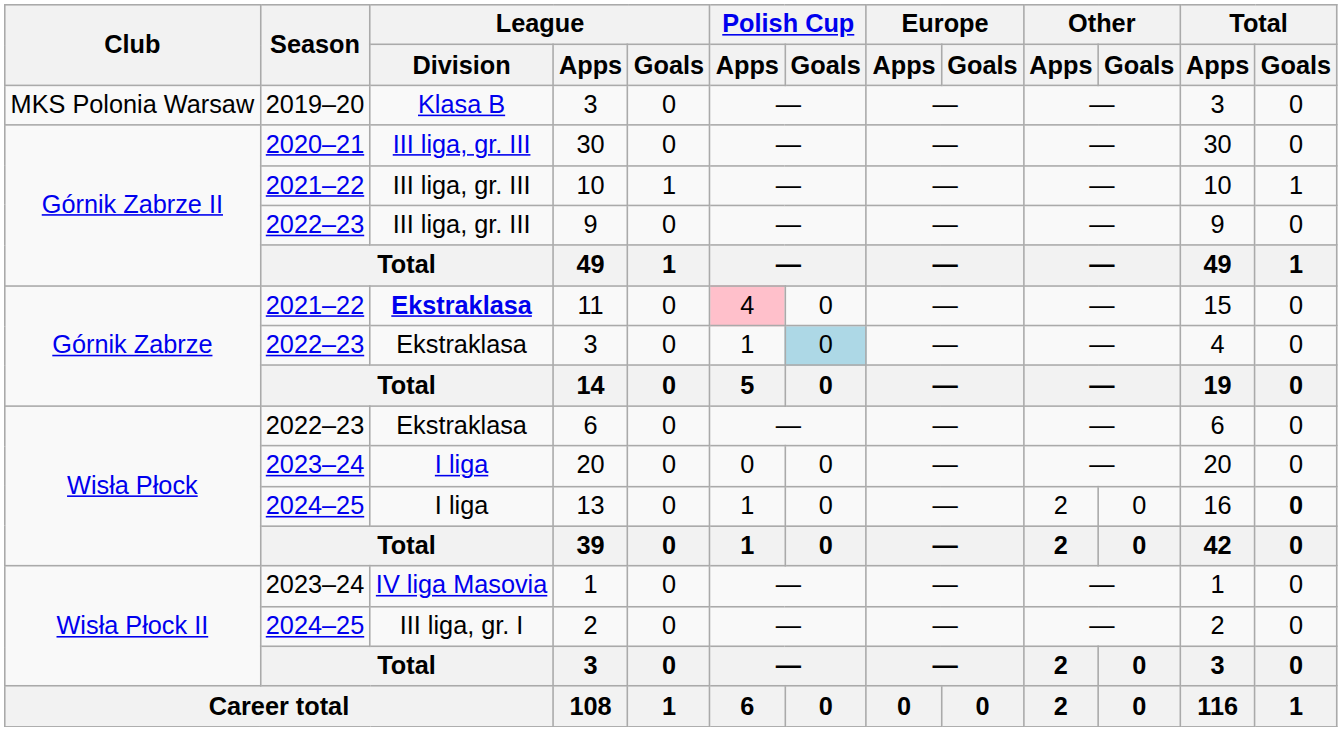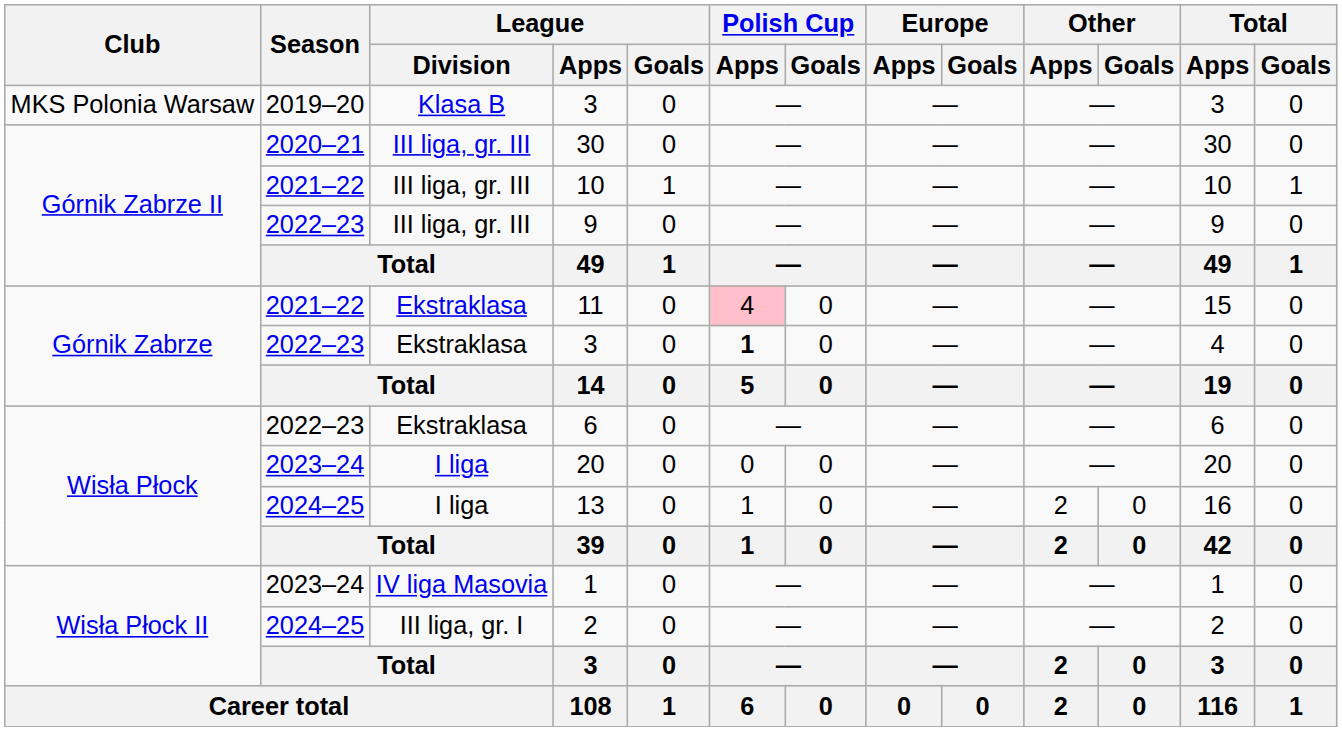 <table class="wikitable" style="text-align: center;">
 <tr>
 <th rowspan="2">Club</th>
 <th rowspan="2">Season</th>
 <th colspan="3">League</th>
 <th colspan="2"><a href='#'>Polish Cup</a></th>
 <th colspan="2">Europe</th>
 <th colspan="2">Other</th>
 <th colspan="2">Total</th>
 </tr>
 <tr>
 <th>Division</th>
 <th>Apps</th>
 <th>Goals</th>
 <th>Apps</th>
 <th>Goals</th>
 <th>Apps</th>
 <th>Goals</th>
 <th>Apps</th>
 <th>Goals</th>
 <th>Apps</th>
 <th>Goals</th>
 </tr>
 <tr>
 <td>MKS Polonia Warsaw</td>
 <td>2019–20</td>
 <td><a href='#'>Klasa B</a></td>
 <td>3</td>
 <td>0</td>
 <td colspan="2">—</td>
 <td colspan="2">—</td>
 <td colspan="2">—</td>
 <td>3</td>
 <td>0</td>
 </tr>
 <tr>
 <td rowspan="4"><a href='#'>Górnik Zabrze II</a></td>
 <td><a href='#'>2020–21</a></td>
 <td><a href='#'>III liga, gr. III</a></td>
 <td>30</td>
 <td>0</td>
 <td colspan="2">—</td>
 <td colspan="2">—</td>
 <td colspan="2">—</td>
 <td>30</td>
 <td>0</td>
 </tr>
 <tr>
 <td><a href='#'>2021–22</a></td>
 <td>III liga, gr. III</td>
 <td>10</td>
 <td>1</td>
 <td colspan="2">—</td>
 <td colspan="2">—</td>
 <td colspan="2">—</td>
 <td>10</td>
 <td>1</td>
 </tr>
 <tr>
 <td><a href='#'>2022–23</a></td>
 <td>III liga, gr. III</td>
 <td>9</td>
 <td>0</td>
 <td colspan="2">—</td>
 <td colspan="2">—</td>
 <td colspan="2">—</td>
 <td>9</td>
 <td>0</td>
 </tr>
 <tr>
 <th colspan="2">Total</th>
 <th>49</th>
 <th>1</th>
 <th colspan="2">—</th>
 <th colspan="2">—</th>
 <th colspan="2">—</th>
 <th>49</th>
 <th>1</th>
 </tr>
 <tr>
 <td rowspan="3"><a href='#'>Górnik Zabrze</a></td>
 <td><a href='#'>2021–22</a></td>
-<td><strong><a href='#'>Ekstraklasa</a></strong></td>
+<td><a href='#'>Ekstraklasa</a></td>
 <td>11</td>
 <td>0</td>
 <td style="background: pink;">4</td>
 <td>0</td>
 <td colspan="2">—</td>
 <td colspan="2">—</td>
 <td>15</td>
 <td>0</td>
 </tr>
 <tr>
 <td><a href='#'>2022–23</a></td>
 <td>Ekstraklasa</td>
 <td>3</td>
 <td>0</td>
-<td>1</td>
-<td style="background: lightblue;">0</td>
+<td><strong>1</strong></td>
+<td>0</td>
 <td colspan="2">—</td>
 <td colspan="2">—</td>
 <td>4</td>
 <td>0</td>
 </tr>
 <tr>
 <th colspan="2">Total</th>
 <th>14</th>
 <th>0</th>
 <th>5</th>
 <th>0</th>
 <th colspan="2">—</th>
 <th colspan="2">—</th>
 <th>19</th>
 <th>0</th>
 </tr>
 <tr>
 <td rowspan="4"><a href='#'>Wisła Płock</a></td>
 <td>2022–23</td>
 <td>Ekstraklasa</td>
 <td>6</td>
 <td>0</td>
 <td colspan="2">—</td>
 <td colspan="2">—</td>
 <td colspan="2">—</td>
 <td>6</td>
 <td>0</td>
 </tr>
 <tr>
 <td><a href='#'>2023–24</a></td>
 <td><a href='#'>I liga</a></td>
 <td>20</td>
 <td>0</td>
 <td>0</td>
 <td>0</td>
 <td colspan="2">—</td>
 <td colspan="2">—</td>
 <td>20</td>
 <td>0</td>
 </tr>
 <tr>
 <td><a href='#'>2024–25</a></td>
 <td>I liga</td>
 <td>13</td>
 <td>0</td>
 <td>1</td>
 <td>0</td>
 <td colspan="2">—</td>
 <td>2</td>
 <td>0</td>
 <td>16</td>
-<td><strong>0</strong></td>
+<td>0</td>
 </tr>
 <tr>
 <th colspan="2">Total</th>
 <th>39</th>
 <th>0</th>
 <th>1</th>
 <th>0</th>
 <th colspan="2">—</th>
 <th>2</th>
 <th>0</th>
 <th>42</th>
 <th>0</th>
 </tr>
 <tr>
 <td rowspan="3"><a href='#'>Wisła Płock II</a></td>
 <td>2023–24</td>
 <td><a href='#'>IV liga Masovia</a></td>
 <td>1</td>
 <td>0</td>
 <td colspan="2">—</td>
 <td colspan="2">—</td>
 <td colspan="2">—</td>
 <td>1</td>
 <td>0</td>
 </tr>
 <tr>
 <td><a href='#'>2024–25</a></td>
 <td>III liga, gr. I</td>
 <td>2</td>
 <td>0</td>
 <td colspan="2">—</td>
 <td colspan="2">—</td>
 <td colspan="2">—</td>
 <td>2</td>
 <td>0</td>
 </tr>
 <tr>
 <th colspan="2">Total</th>
 <th>3</th>
 <th>0</th>
 <th colspan="2">—</th>
 <th colspan="2">—</th>
 <th>2</th>
 <th>0</th>
 <th>3</th>
 <th>0</th>
 </tr>
 <tr>
 <th colspan="3">Career total</th>
 <th>108</th>
 <th>1</th>
 <th>6</th>
 <th>0</th>
 <th>0</th>
 <th>0</th>
 <th>2</th>
 <th>0</th>
 <th>116</th>
 <th>1</th>
 </tr>
 </table>
